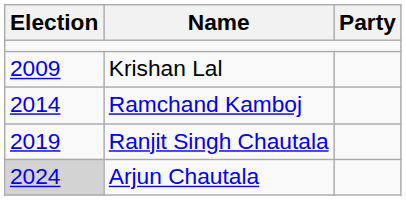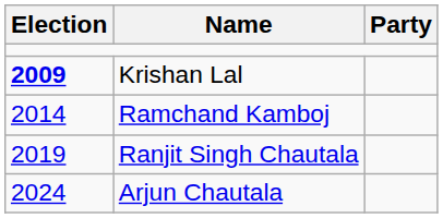 <table class="wikitable sortable">
 <tr>
 <th>Election</th>
 <th>Name</th>
 <th colspan="2">Party</th>
 </tr>
 <tr>
 <td colspan=4></td>
 </tr>
 <tr>
-<td><a href='#'>2009</a></td>
+<td><strong><a href='#'>2009</a></strong></td>
 <td>Krishan Lal</td>
 <td></td>
 </tr>
 <tr>
 <td><a href='#'>2014</a></td>
 <td><a href='#'>Ramchand Kamboj</a></td>
 </tr>
 <tr>
 <td><a href='#'>2019</a></td>
 <td><a href='#'>Ranjit Singh Chautala</a></td>
 <td></td>
 </tr>
 <tr>
-<td style="background: lightgrey;"><a href='#'>2024</a></td>
+<td><a href='#'>2024</a></td>
 <td><a href='#'>Arjun Chautala</a></td>
 <td></td>
 </tr>
 </table>
